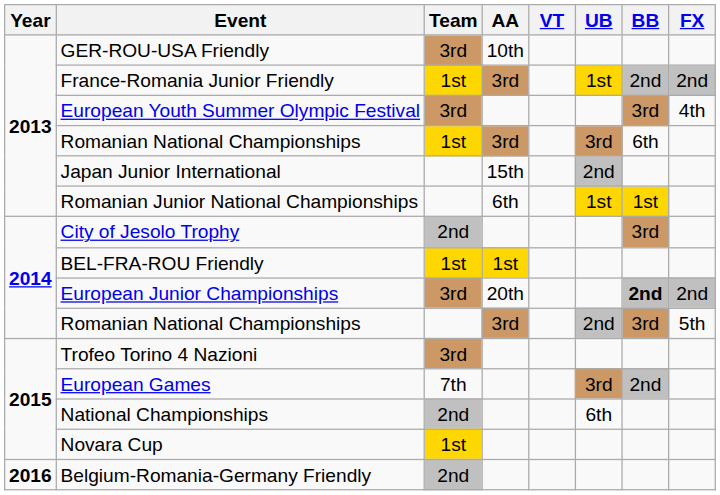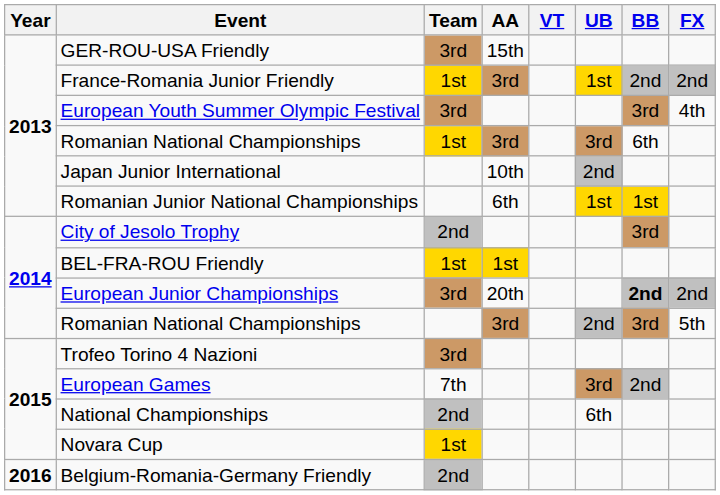 <table class="wikitable" style="text-align:center; font-size: 95%;">
 <tr>
 <th>Year</th>
 <th>Event</th>
 <th style="width:30px;">Team</th>
 <th style="width:30px;">AA</th>
 <th style="width:30px;"><a href='#'>VT</a></th>
 <th style="width:30px;"><a href='#'>UB</a></th>
 <th style="width:30px;"><a href='#'>BB</a></th>
 <th style="width:30px;"><a href='#'>FX</a></th>
 </tr>
 <tr>
 <td rowspan="6"><strong>2013</strong></td>
 <td align=left>GER-ROU-USA Friendly</td>
 <td style="background:#c96;">3rd</td>
-<td>10th</td>
+<td>15th</td>
 <td></td>
 <td></td>
 <td></td>
 <td></td>
 </tr>
 <tr>
 <td align=left>France-Romania Junior Friendly</td>
 <td style="background: gold">1st</td>
 <td style="background:#c96;">3rd</td>
 <td></td>
 <td style="background: gold">1st</td>
 <td style="background:silver;">2nd</td>
 <td style="background:silver;">2nd</td>
 </tr>
 <tr>
 <td align=left><a href='#'>European Youth Summer Olympic Festival</a></td>
 <td style="background:#c96;">3rd</td>
 <td></td>
 <td></td>
 <td></td>
 <td style="background:#c96;">3rd</td>
 <td>4th</td>
 </tr>
 <tr>
 <td align=left>Romanian National Championships</td>
 <td style="background: gold">1st</td>
 <td style="background:#c96;">3rd</td>
 <td></td>
 <td style="background:#c96;">3rd</td>
 <td>6th</td>
 <td></td>
 </tr>
 <tr>
 <td align=left>Japan Junior International</td>
 <td></td>
-<td>15th</td>
+<td>10th</td>
 <td></td>
 <td style="background:silver;">2nd</td>
 <td></td>
 <td></td>
 </tr>
 <tr>
 <td align=left>Romanian Junior National Championships</td>
 <td></td>
 <td>6th</td>
 <td></td>
 <td style="background: gold">1st</td>
 <td style="background: gold">1st</td>
 <td></td>
 </tr>
 <tr>
 <td rowspan="4"><strong><a href='#'>2014</a></strong></td>
 <td align=left><a href='#'>City of Jesolo Trophy</a></td>
 <td style="background:silver;">2nd</td>
 <td></td>
 <td></td>
 <td></td>
 <td style="background:#c96;">3rd</td>
 <td></td>
 </tr>
 <tr>
 <td align=left>BEL-FRA-ROU Friendly</td>
 <td style="background: gold">1st</td>
 <td style="background: gold">1st</td>
 <td></td>
 <td></td>
 <td></td>
 <td></td>
 </tr>
 <tr>
 <td align=left><a href='#'>European Junior Championships</a></td>
 <td style="background:#c96;">3rd</td>
 <td>20th</td>
 <td></td>
 <td></td>
 <td style="background:silver;"><strong>2nd</strong></td>
 <td style="background:silver;">2nd</td>
 </tr>
 <tr>
 <td align=left>Romanian National Championships</td>
 <td></td>
 <td style="background:#c96;">3rd</td>
 <td></td>
 <td style="background:silver;">2nd</td>
 <td style="background:#c96;">3rd</td>
 <td>5th</td>
 </tr>
 <tr>
 <td rowspan="4"><strong>2015</strong></td>
 <td align=left>Trofeo Torino 4 Nazioni</td>
 <td style="background:#c96;">3rd</td>
 <td></td>
 <td></td>
 <td></td>
 <td></td>
 <td></td>
 </tr>
 <tr>
 <td align=left><a href='#'>European Games</a></td>
 <td>7th</td>
 <td></td>
 <td></td>
 <td style="background:#c96;">3rd</td>
 <td style="background:silver;">2nd</td>
 <td></td>
 </tr>
 <tr>
 <td align=left>National Championships</td>
 <td style="background:silver;">2nd</td>
 <td></td>
 <td></td>
 <td>6th</td>
 <td></td>
 <td></td>
 </tr>
 <tr>
 <td align=left>Novara Cup</td>
 <td style="background:gold;">1st</td>
 <td></td>
 <td></td>
 <td></td>
 <td></td>
 <td></td>
 </tr>
 <tr>
 <td rowspan="1"><strong>2016</strong></td>
 <td align=left>Belgium-Romania-Germany Friendly</td>
 <td style="background:silver;'">2nd</td>
 <td></td>
 <td></td>
 <td></td>
 <td></td>
 <td></td>
 </tr>
 </table>
